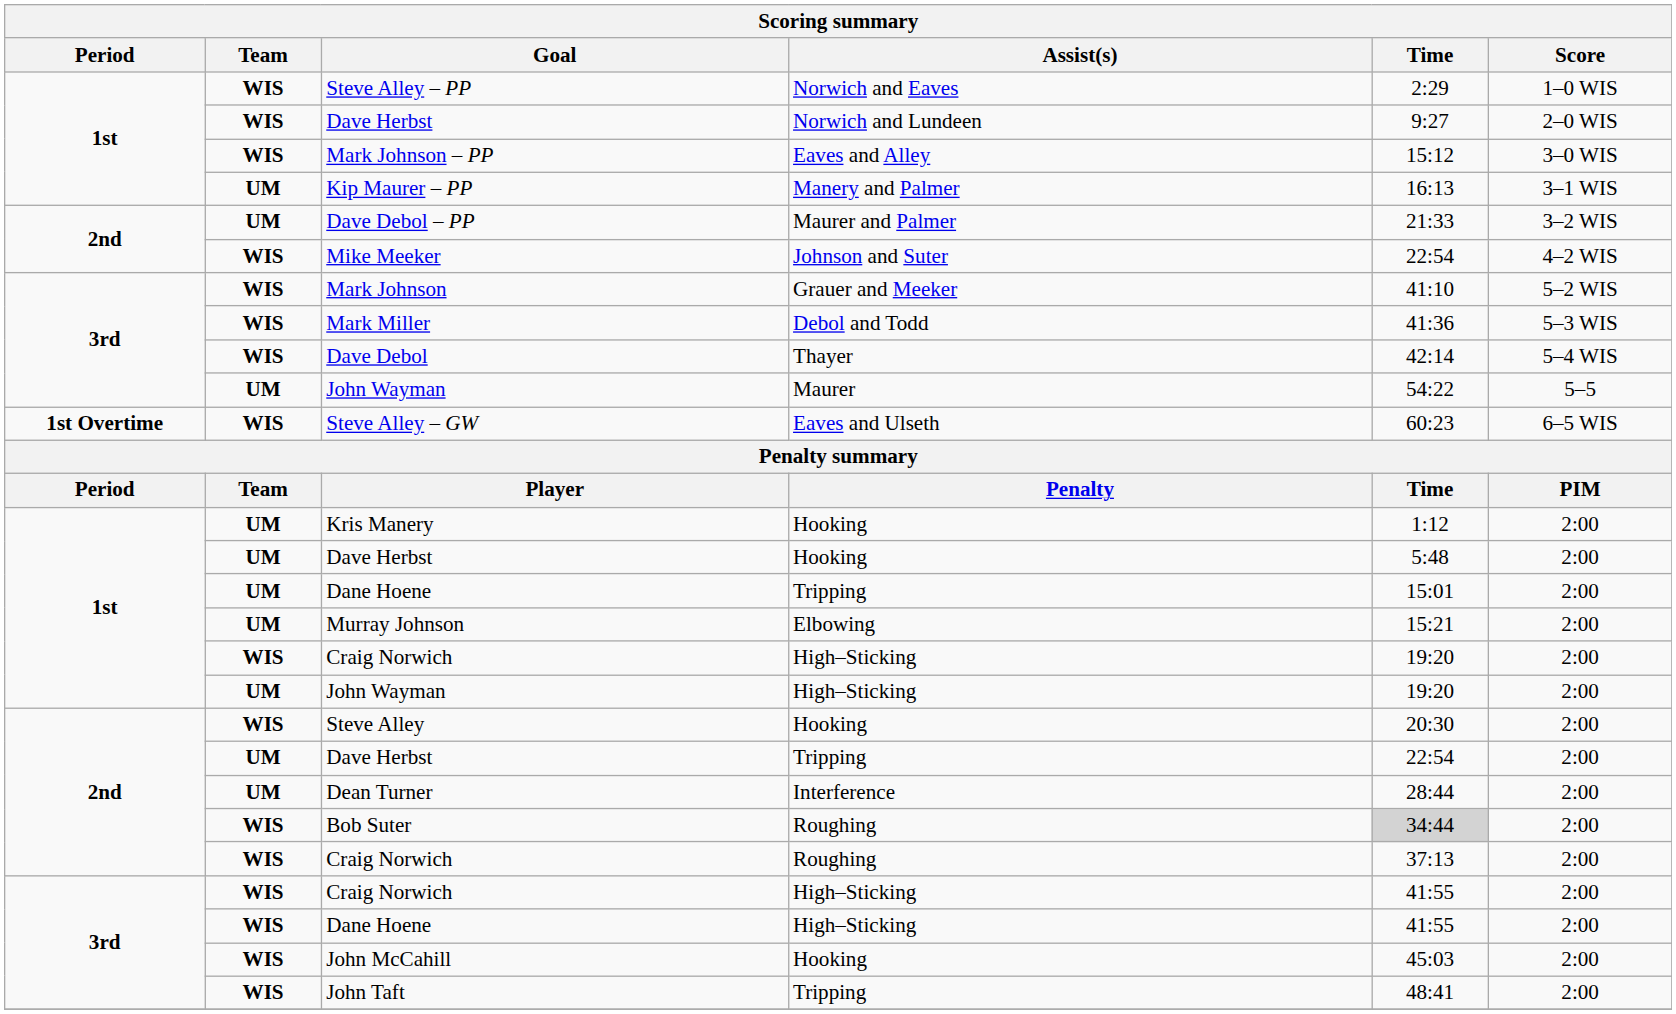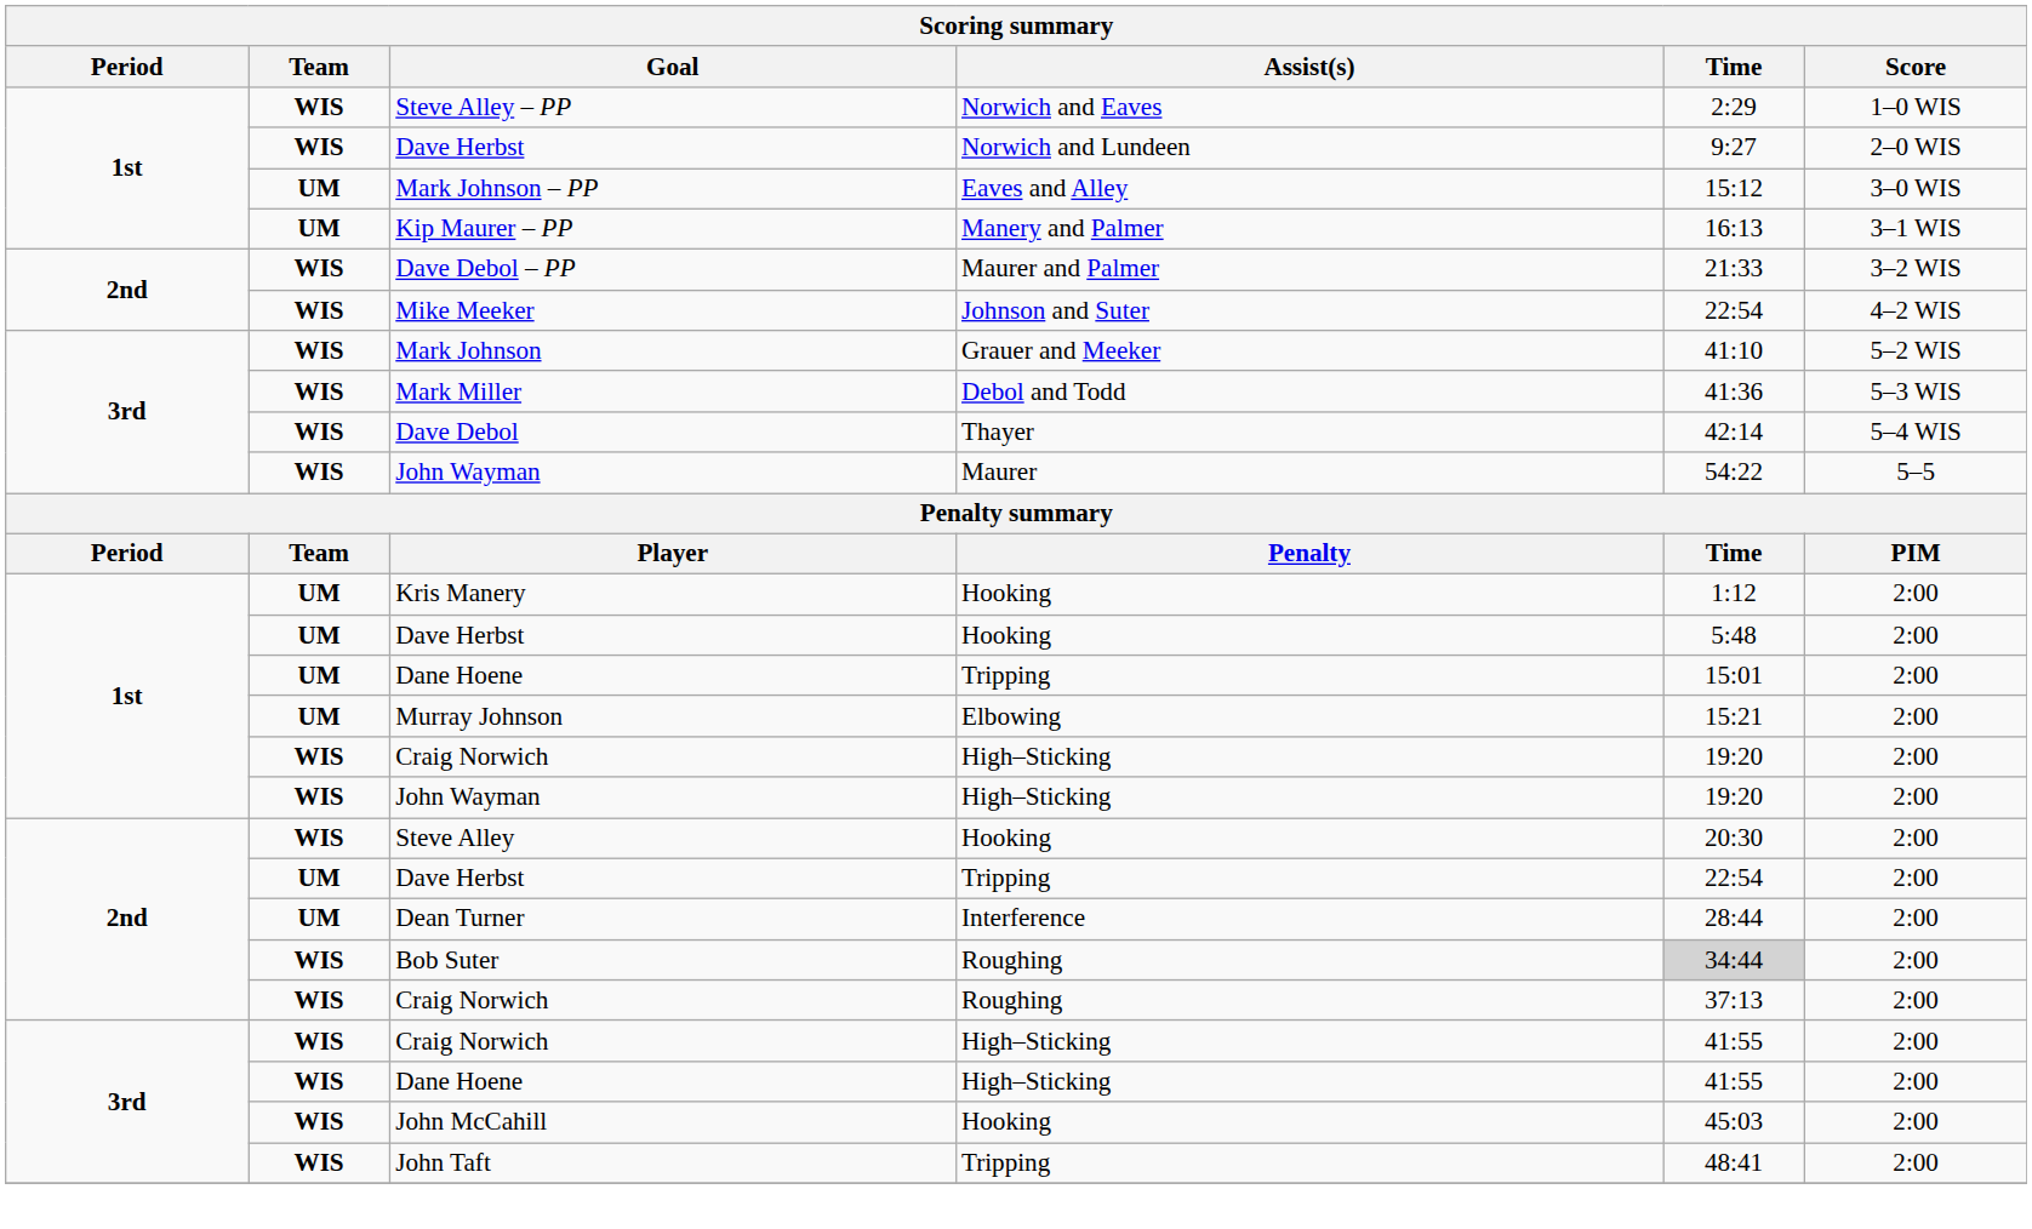 <table style="width:100%;" class="wikitable">
 <tr>
 <th colspan=6>Scoring summary</th>
 </tr>
 <tr>
 <th style="width:12%;">Period</th>
 <th style="width:7%;">Team</th>
 <th style="width:28%;">Goal</th>
 <th style="width:35%;">Assist(s)</th>
 <th style="width:7%;">Time</th>
 <th style="width:11%;">Score</th>
 </tr>
 <tr>
 <td style="text-align:center;" rowspan="4"><strong>1st</strong></td>
 <td align=center><strong>WIS</strong></td>
 <td><a href='#'>Steve Alley</a> – <em>PP</em></td>
 <td><a href='#'>Norwich</a> and <a href='#'>Eaves</a></td>
 <td align=center>2:29</td>
 <td align=center>1–0 WIS</td>
 </tr>
 <tr>
 <td align=center><strong>WIS</strong></td>
 <td><a href='#'>Dave Herbst</a></td>
 <td><a href='#'>Norwich</a> and Lundeen</td>
 <td align=center>9:27</td>
 <td align=center>2–0 WIS</td>
 </tr>
 <tr>
-<td align=center><strong>WIS</strong></td>
+<td align=center><strong>UM</strong></td>
 <td><a href='#'>Mark Johnson</a> – <em>PP</em></td>
 <td><a href='#'>Eaves</a> and <a href='#'>Alley</a></td>
 <td align=center>15:12</td>
 <td align=center>3–0 WIS</td>
 </tr>
 <tr>
 <td align=center><strong>UM</strong></td>
 <td><a href='#'>Kip Maurer</a> – <em>PP</em></td>
 <td><a href='#'>Manery</a> and <a href='#'>Palmer</a></td>
 <td align=center>16:13</td>
 <td align=center>3–1 WIS</td>
 </tr>
 <tr>
 <td style="text-align:center;" rowspan="2"><strong>2nd</strong></td>
-<td align=center><strong>UM</strong></td>
+<td align=center><strong>WIS</strong></td>
 <td><a href='#'>Dave Debol</a> – <em>PP</em></td>
 <td>Maurer and <a href='#'>Palmer</a></td>
 <td align=center>21:33</td>
 <td align=center>3–2 WIS</td>
 </tr>
 <tr>
 <td align=center><strong>WIS</strong></td>
 <td><a href='#'>Mike Meeker</a></td>
 <td><a href='#'>Johnson</a> and <a href='#'>Suter</a></td>
 <td align=center>22:54</td>
 <td align=center>4–2 WIS</td>
 </tr>
 <tr>
 <td style="text-align:center;" rowspan="4"><strong>3rd</strong></td>
 <td align=center><strong>WIS</strong></td>
 <td><a href='#'>Mark Johnson</a></td>
 <td>Grauer and <a href='#'>Meeker</a></td>
 <td align=center>41:10</td>
 <td align=center>5–2 WIS</td>
 </tr>
 <tr>
 <td align=center><strong>WIS</strong></td>
 <td><a href='#'>Mark Miller</a></td>
 <td><a href='#'>Debol</a> and Todd</td>
 <td align=center>41:36</td>
 <td align=center>5–3 WIS</td>
 </tr>
 <tr>
 <td align=center><strong>WIS</strong></td>
 <td><a href='#'>Dave Debol</a></td>
 <td>Thayer</td>
 <td align=center>42:14</td>
 <td align=center>5–4 WIS</td>
 </tr>
 <tr>
-<td align=center><strong>UM</strong></td>
+<td align=center><strong>WIS</strong></td>
 <td><a href='#'>John Wayman</a></td>
 <td>Maurer</td>
 <td align=center>54:22</td>
 <td align=center>5–5</td>
-</tr>
-<tr>
-<td style="text-align:center;" rowspan="1"><strong>1st Overtime</strong></td>
-<td align=center><strong>WIS</strong></td>
-<td><a href='#'>Steve Alley</a> – <em>GW</em></td>
-<td><a href='#'>Eaves</a> and Ulseth</td>
-<td align=center>60:23</td>
-<td align=center>6–5 WIS</td>
 </tr>
 <tr>
 <th colspan=6>Penalty summary</th>
 </tr>
 <tr>
 <th style="width:12%;">Period</th>
 <th style="width:7%;">Team</th>
 <th style="width:28%;">Player</th>
 <th style="width:35%;"><a href='#'>Penalty</a></th>
 <th style="width:7%;">Time</th>
 <th style="width:11%;">PIM</th>
 </tr>
 <tr>
 <td style="text-align:center;" rowspan="6"><strong>1st</strong></td>
 <td align=center><strong>UM</strong></td>
 <td>Kris Manery</td>
 <td>Hooking</td>
 <td align=center>1:12</td>
 <td align=center>2:00</td>
 </tr>
 <tr>
 <td align=center><strong>UM</strong></td>
 <td>Dave Herbst</td>
 <td>Hooking</td>
 <td align=center>5:48</td>
 <td align=center>2:00</td>
 </tr>
 <tr>
 <td align=center><strong>UM</strong></td>
 <td>Dane Hoene</td>
 <td>Tripping</td>
 <td align=center>15:01</td>
 <td align=center>2:00</td>
 </tr>
 <tr>
 <td align=center><strong>UM</strong></td>
 <td>Murray Johnson</td>
 <td>Elbowing</td>
 <td align=center>15:21</td>
 <td align=center>2:00</td>
 </tr>
 <tr>
 <td align=center><strong>WIS</strong></td>
 <td>Craig Norwich</td>
 <td>High–Sticking</td>
 <td align=center>19:20</td>
 <td align=center>2:00</td>
 </tr>
 <tr>
-<td align=center><strong>UM</strong></td>
+<td align=center><strong>WIS</strong></td>
 <td>John Wayman</td>
 <td>High–Sticking</td>
 <td align=center>19:20</td>
 <td align=center>2:00</td>
 </tr>
 <tr>
 <td style="text-align:center;" rowspan="5"><strong>2nd</strong></td>
 <td align=center><strong>WIS</strong></td>
 <td>Steve Alley</td>
 <td>Hooking</td>
 <td align=center>20:30</td>
 <td align=center>2:00</td>
 </tr>
 <tr>
 <td align=center><strong>UM</strong></td>
 <td>Dave Herbst</td>
 <td>Tripping</td>
 <td align=center>22:54</td>
 <td align=center>2:00</td>
 </tr>
 <tr>
 <td align=center><strong>UM</strong></td>
 <td>Dean Turner</td>
 <td>Interference</td>
 <td align=center>28:44</td>
 <td align=center>2:00</td>
 </tr>
 <tr>
 <td align=center><strong>WIS</strong></td>
 <td>Bob Suter</td>
 <td>Roughing</td>
 <td align=center style="background: lightgrey;">34:44</td>
 <td align=center>2:00</td>
 </tr>
 <tr>
 <td align=center><strong>WIS</strong></td>
 <td>Craig Norwich</td>
 <td>Roughing</td>
 <td align=center>37:13</td>
 <td align=center>2:00</td>
 </tr>
 <tr>
 <td style="text-align:center;" rowspan="4"><strong>3rd</strong></td>
 <td align=center><strong>WIS</strong></td>
 <td>Craig Norwich</td>
 <td>High–Sticking</td>
 <td align=center>41:55</td>
 <td align=center>2:00</td>
 </tr>
 <tr>
 <td align=center><strong>WIS</strong></td>
 <td>Dane Hoene</td>
 <td>High–Sticking</td>
 <td align=center>41:55</td>
 <td align=center>2:00</td>
 </tr>
 <tr>
 <td align=center><strong>WIS</strong></td>
 <td>John McCahill</td>
 <td>Hooking</td>
 <td align=center>45:03</td>
 <td align=center>2:00</td>
 </tr>
 <tr>
 <td align=center><strong>WIS</strong></td>
 <td>John Taft</td>
 <td>Tripping</td>
 <td align=center>48:41</td>
 <td align=center>2:00</td>
 </tr>
 <tr>
 </tr>
 </table>
